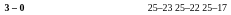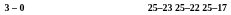 <table>
 <tr>
 <th width=200></th>
 <th width=80></th>
 <th width=200></th>
 <th width=220></th>
 </tr>
 <tr>
 <td align=right><strong></strong></td>
 <td align=center><strong>3 – 0</strong></td>
 <td></td>
-<td>25–23 25–22 25–17</td>
+<td><strong>25–23 25–22 25–17</strong></td>
 </tr>
 </table>
